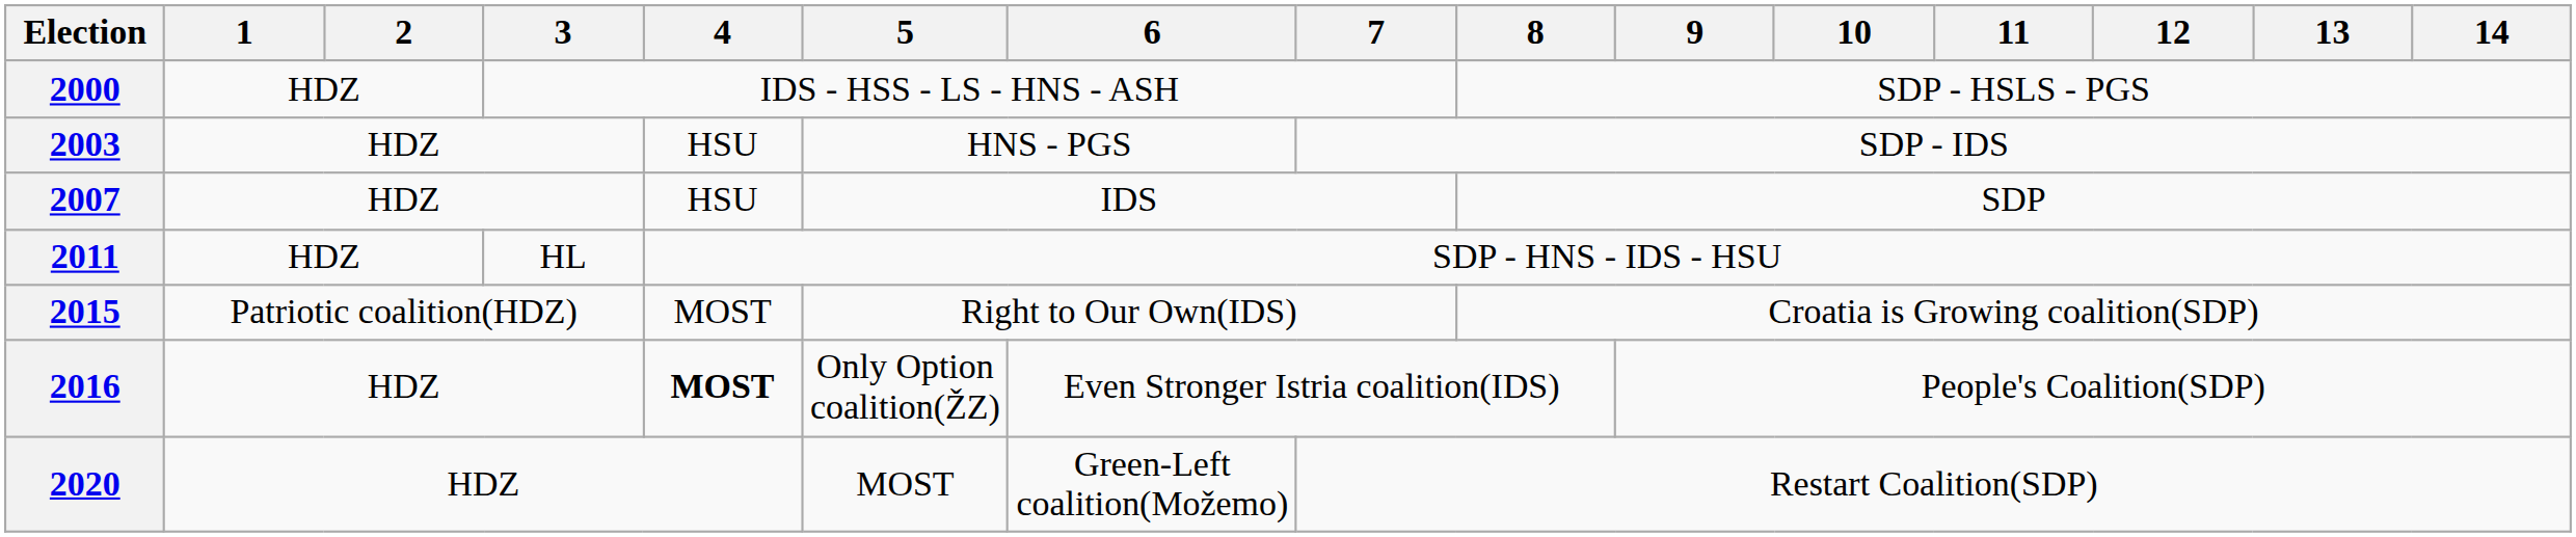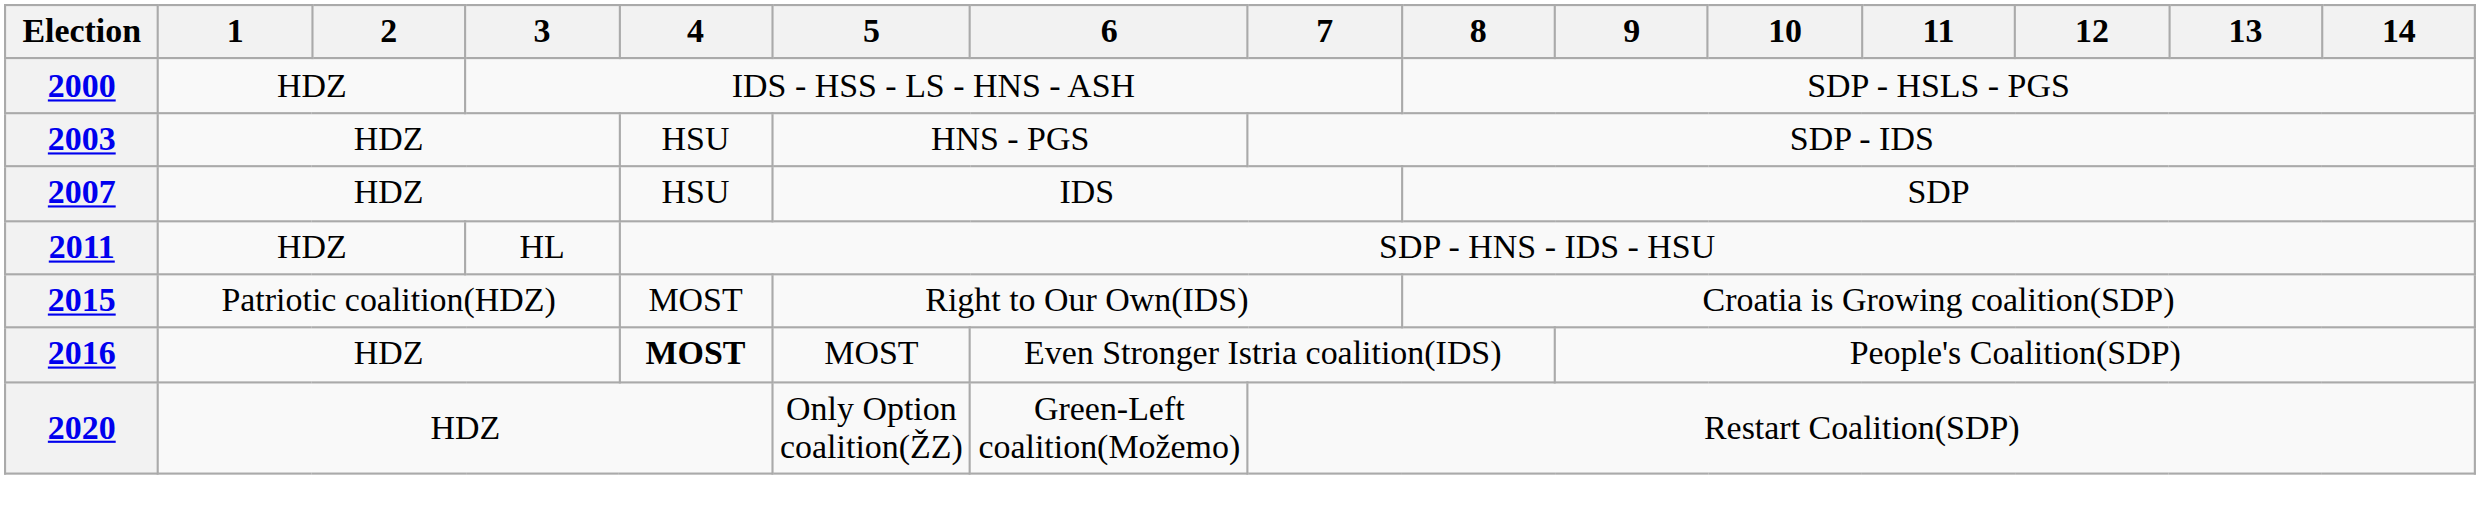 <table class=wikitable style="text-align: center;">
 <tr>
 <th style="width: 65px;">Election</th>
 <th style="width: 65px;">1</th>
 <th style="width: 65px;">2</th>
 <th style="width: 65px;">3</th>
 <th style="width: 65px;">4</th>
 <th style="width: 65px;">5</th>
 <th style="width: 65px;">6</th>
 <th style="width: 65px;">7</th>
 <th style="width: 65px;">8</th>
 <th style="width: 65px;">9</th>
 <th style="width: 65px;">10</th>
 <th style="width: 65px;">11</th>
 <th style="width: 65px;">12</th>
 <th style="width: 65px;">13</th>
 <th style="width: 65px;">14</th>
 </tr>
 <tr>
 <th><a href='#'>2000</a></th>
 <td colspan=2 style="background:">HDZ</td>
 <td colspan=5 style="background:">IDS - HSS - LS - HNS - ASH</td>
 <td colspan=7 style="background:">SDP - HSLS - PGS</td>
 </tr>
 <tr>
 <th><a href='#'>2003</a></th>
 <td colspan=3 style="background:">HDZ</td>
 <td style="background:">HSU</td>
 <td colspan=2 style="background:">HNS - PGS</td>
 <td colspan=8 style="background:">SDP - IDS</td>
 </tr>
 <tr>
 <th><a href='#'>2007</a></th>
 <td colspan=3 style="background:">HDZ</td>
 <td style="background:">HSU</td>
 <td colspan=3 style="background:">IDS</td>
 <td colspan=7 style="background:">SDP</td>
 </tr>
 <tr>
 <th><a href='#'>2011</a></th>
 <td colspan=2 style="background:">HDZ</td>
 <td style="background:">HL</td>
 <td colspan=11 style="background:">SDP - HNS - IDS - HSU</td>
 </tr>
 <tr>
 <th><a href='#'>2015</a></th>
 <td colspan=3 style="background:">Patriotic coalition(HDZ)</td>
 <td style="background:">MOST</td>
 <td colspan=3 style="background:">Right to Our Own(IDS)</td>
 <td colspan=7 style="background:">Croatia is Growing coalition(SDP)</td>
 </tr>
 <tr>
 <th><a href='#'>2016</a></th>
 <td colspan=3 style="background:">HDZ</td>
 <td style="background:"><strong>MOST</strong></td>
-<td style="background:">Only Option coalition(ŽZ)</td>
+<td style="background:">MOST</td>
 <td colspan=3 style="background:">Even Stronger Istria coalition(IDS)</td>
 <td colspan=6 style="background:">People's Coalition(SDP)</td>
 </tr>
 <tr>
 <th><a href='#'>2020</a></th>
 <td colspan=4 style="background:">HDZ</td>
-<td style="background:">MOST</td>
+<td style="background:">Only Option coalition(ŽZ)</td>
 <td style="background:">Green-Left coalition(Možemo)</td>
 <td colspan=8 style="background:">Restart Coalition(SDP)</td>
 </tr>
 </table>
